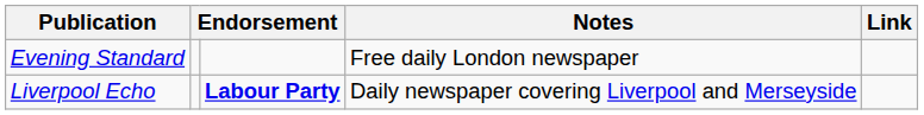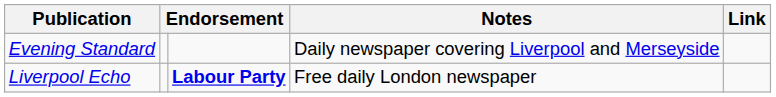 <table class="wikitable">
 <tr>
 <th>Publication</th>
 <th colspan=2>Endorsement</th>
 <th>Notes</th>
 <th>Link</th>
 </tr>
 <tr>
 <td><em><a href='#'>Evening Standard</a></em></td>
 <td style="background-color: "></td>
 <td></td>
-<td>Free daily London newspaper</td>
+<td>Daily newspaper covering <a href='#'>Liverpool</a> and <a href='#'>Merseyside</a></td>
 <td></td>
 </tr>
 <tr>
 <td><em><a href='#'>Liverpool Echo</a></em></td>
 <td style="background-color: "></td>
 <td><strong><a href='#'>Labour Party</a></strong></td>
-<td>Daily newspaper covering <a href='#'>Liverpool</a> and <a href='#'>Merseyside</a></td>
+<td>Free daily London newspaper</td>
 <td></td>
 </tr>
 </table>
